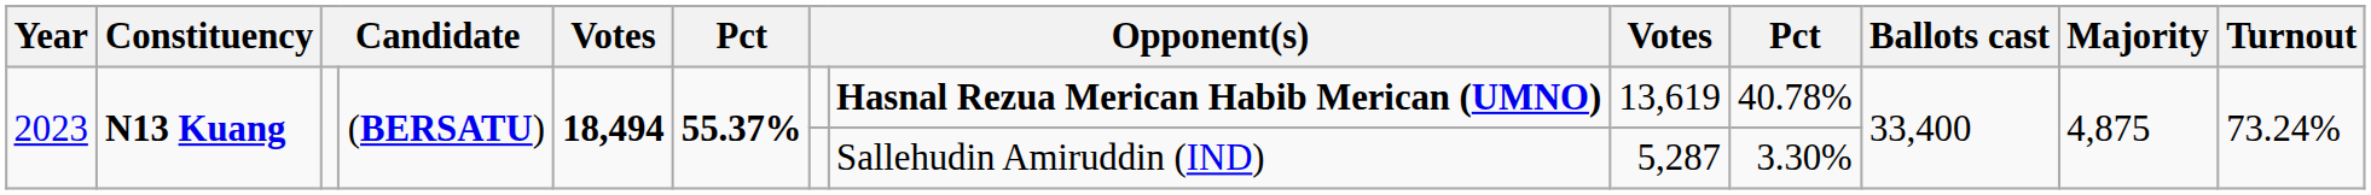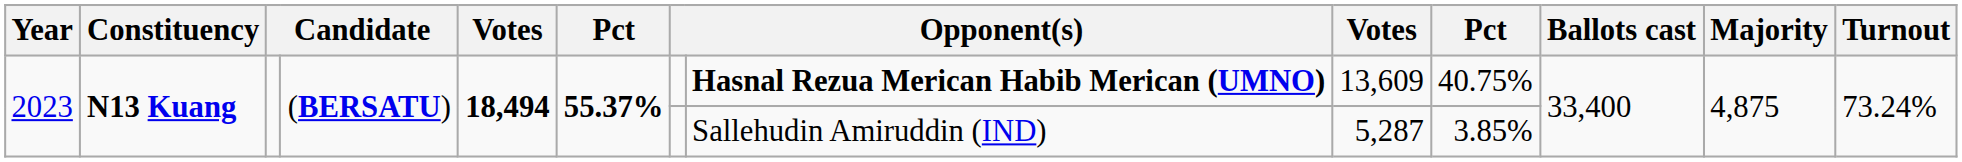 <table class="wikitable" style="margin:0.5em ; font-size:95%">
 <tr>
 <th>Year</th>
 <th>Constituency</th>
 <th colspan=2>Candidate</th>
 <th>Votes</th>
 <th>Pct</th>
 <th colspan=2>Opponent(s)</th>
 <th>Votes</th>
 <th>Pct</th>
 <th>Ballots cast</th>
 <th>Majority</th>
 <th>Turnout</th>
 </tr>
 <tr>
 <td rowspan=2><a href='#'>2023</a></td>
 <td rowspan=2><strong>N13 <a href='#'>Kuang</a></strong></td>
 <td rowspan=2></td>
 <td rowspan=2> (<a href='#'><strong>BERSATU</strong></a>)</td>
 <td rowspan=2 align=right><strong>18,494</strong></td>
 <td rowspan=2><strong>55.37%</strong></td>
 <td></td>
 <td><strong>Hasnal Rezua Merican Habib Merican (<a href='#'>UMNO</a>)</strong></td>
-<td align=right>13,619</td>
-<td>40.78%</td>
+<td align=right>13,609</td>
+<td>40.75%</td>
 <td rowspan=2>33,400</td>
 <td rowspan=2>4,875</td>
 <td rowspan=2>73.24%</td>
 </tr>
 <tr>
 <td></td>
 <td>Sallehudin Amiruddin (<a href='#'>IND</a>)</td>
 <td align=right>5,287</td>
-<td align=right>3.30%</td>
+<td align=right>3.85%</td>
 </tr>
 </table>
